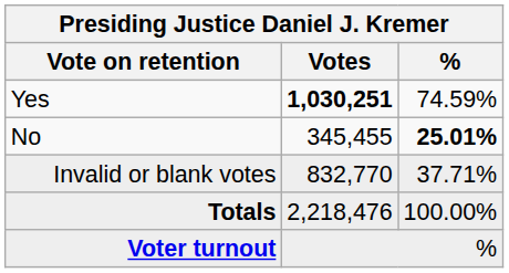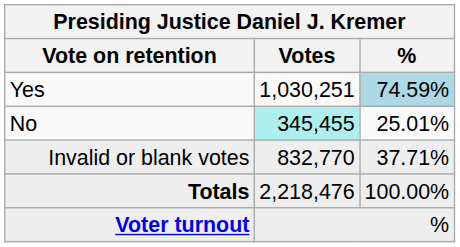 <table class="wikitable" style="font-size: 95%;">
 <tr style="background-color:#E9E9E9">
 <th colspan=7>Presiding Justice Daniel J. Kremer</th>
 </tr>
 <tr style="background-color:#E9E9E9">
 <th style="width: 170px">Vote on retention</th>
 <th style="width: 50px">Votes</th>
 <th style="width: 40px">%</th>
 </tr>
 <tr>
 <td>Yes</td>
-<td align="right"><strong>1,030,251</strong></td>
-<td align="right">74.59%</td>
+<td align="right">1,030,251</td>
+<td align="right" style="background: lightblue;">74.59%</td>
 </tr>
 <tr>
 <td>No</td>
-<td align="right">345,455</td>
-<td align="right"><strong>25.01%</strong></td>
+<td align="right" style="background: paleturquoise;">345,455</td>
+<td align="right">25.01%</td>
 </tr>
 <tr style="background-color:#EEEEEE">
 <td align="right">Invalid or blank votes</td>
 <td align="right">832,770</td>
 <td align="right">37.71%</td>
 </tr>
 <tr style="background-color:#EEEEEE">
 <td colspan="1" align="right"><strong>Totals</strong></td>
 <td align="right">2,218,476</td>
 <td align="right">100.00%</td>
 </tr>
 <tr style="background-color:#EEEEEE">
 <td align="right"><strong><a href='#'>Voter turnout</a></strong></td>
 <td colspan="2" align="right">%</td>
 </tr>
 </table>
